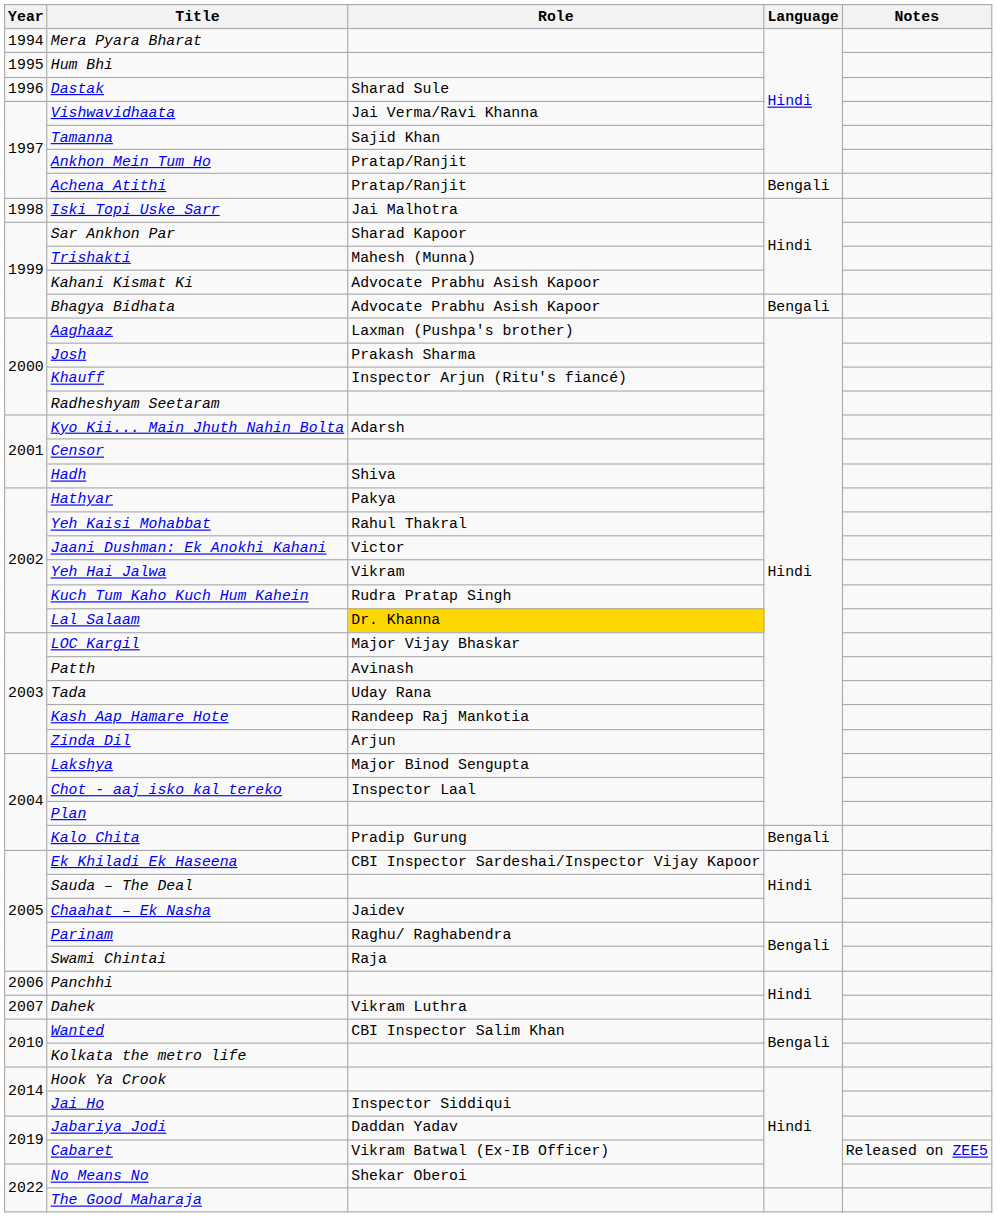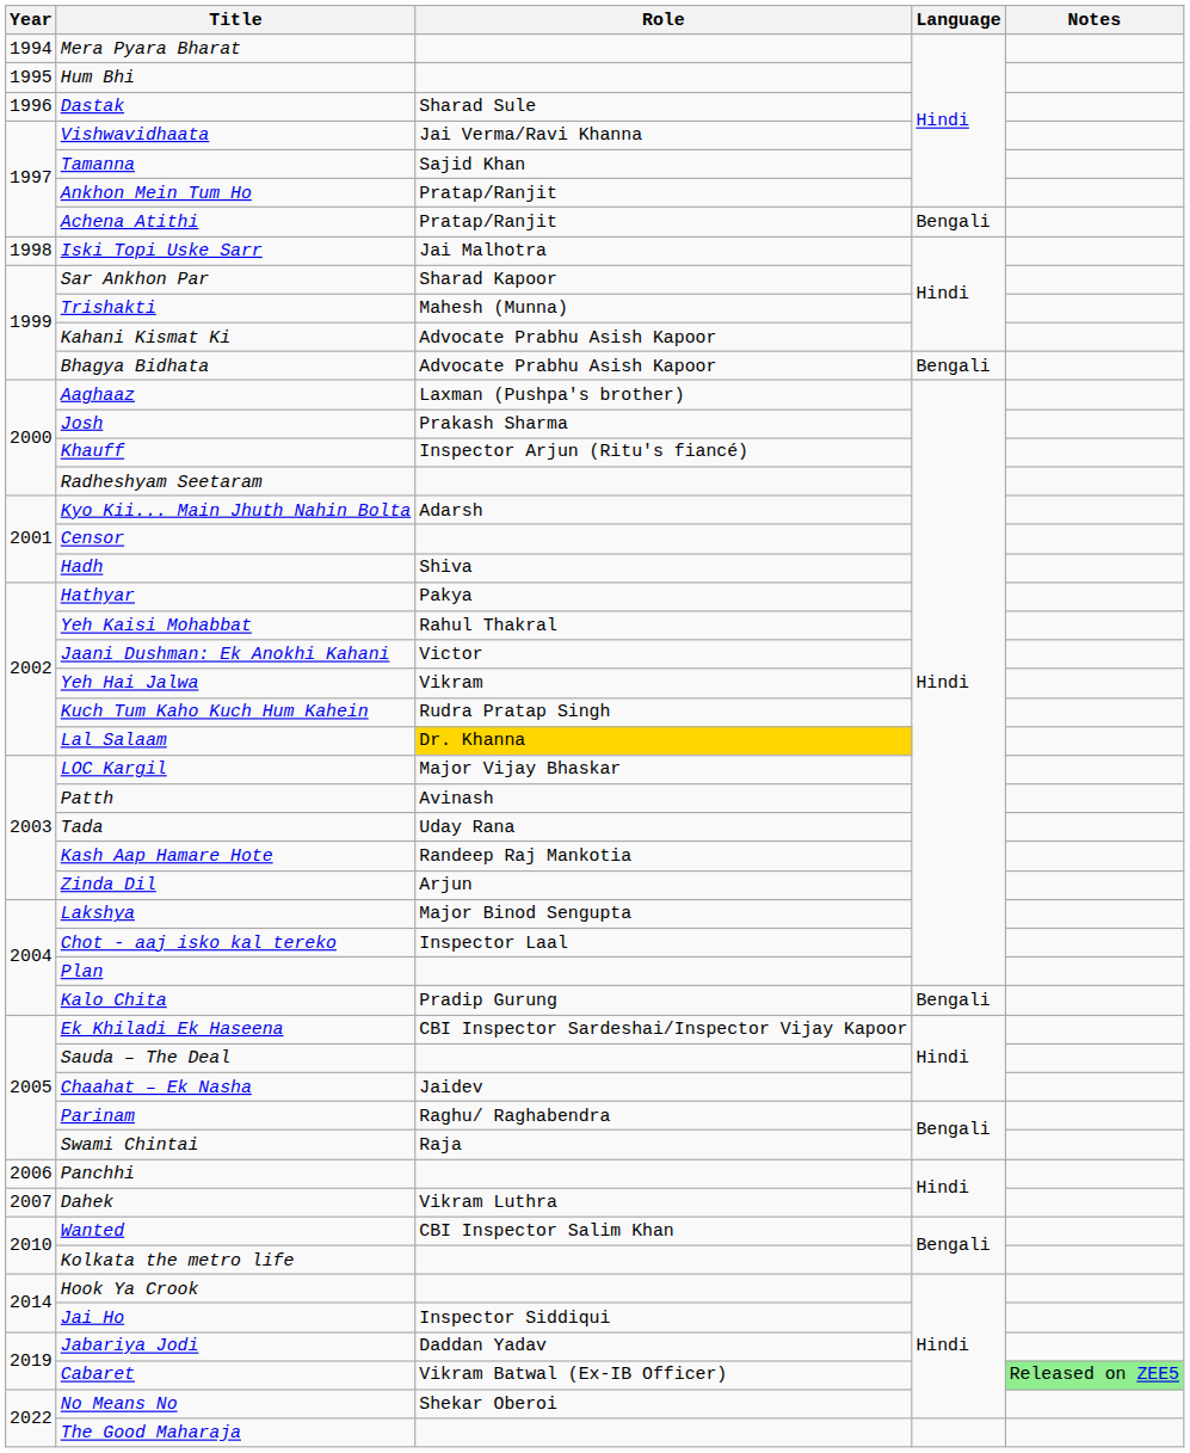 <table class="wikitable sortable">
 <tr>
 <th>Year</th>
 <th>Title</th>
 <th>Role</th>
 <th>Language</th>
 <th>Notes</th>
 </tr>
 <tr>
 <td>1994</td>
 <td><em>Mera Pyara Bharat</em></td>
 <td></td>
 <td rowspan="6"><a href='#'>Hindi</a></td>
 <td></td>
 </tr>
 <tr>
 <td>1995</td>
 <td><em>Hum Bhi</em></td>
 <td></td>
 <td></td>
 </tr>
 <tr>
 <td>1996</td>
 <td><em><a href='#'>Dastak</a></em></td>
 <td>Sharad Sule</td>
 <td></td>
 </tr>
 <tr>
 <td rowspan="4">1997</td>
 <td><em><a href='#'>Vishwavidhaata</a></em></td>
 <td>Jai Verma/Ravi Khanna</td>
 <td></td>
 </tr>
 <tr>
 <td><em><a href='#'>Tamanna</a></em></td>
 <td>Sajid Khan</td>
 <td></td>
 </tr>
 <tr>
 <td><em><a href='#'>Ankhon Mein Tum Ho</a></em></td>
 <td>Pratap/Ranjit</td>
 <td></td>
 </tr>
 <tr>
 <td><em><a href='#'>Achena Atithi</a></em></td>
 <td>Pratap/Ranjit</td>
 <td>Bengali</td>
 <td></td>
 </tr>
 <tr>
 <td>1998</td>
 <td><em><a href='#'>Iski Topi Uske Sarr</a></em></td>
 <td>Jai Malhotra</td>
 <td rowspan="4">Hindi</td>
 <td></td>
 </tr>
 <tr>
 <td rowspan="4">1999</td>
 <td><em>Sar Ankhon Par</em></td>
 <td>Sharad Kapoor</td>
 <td></td>
 </tr>
 <tr>
 <td><em><a href='#'>Trishakti</a></em></td>
 <td>Mahesh (Munna)</td>
 <td></td>
 </tr>
 <tr>
 <td><em>Kahani Kismat Ki</em></td>
 <td>Advocate Prabhu Asish Kapoor</td>
 <td></td>
 </tr>
 <tr>
 <td><em>Bhagya Bidhata</em></td>
 <td>Advocate Prabhu Asish Kapoor</td>
 <td>Bengali</td>
 <td></td>
 </tr>
 <tr>
 <td rowspan="4">2000</td>
 <td><em><a href='#'>Aaghaaz</a></em></td>
 <td>Laxman (Pushpa's brother)</td>
 <td rowspan="21">Hindi</td>
 <td></td>
 </tr>
 <tr>
 <td><em><a href='#'>Josh</a></em></td>
 <td>Prakash Sharma</td>
 <td></td>
 </tr>
 <tr>
 <td><em><a href='#'>Khauff</a></em></td>
 <td>Inspector Arjun (Ritu's fiancé)</td>
 <td></td>
 </tr>
 <tr>
 <td><em>Radheshyam Seetaram</em></td>
 <td></td>
 <td></td>
 </tr>
 <tr>
 <td rowspan="3">2001</td>
 <td><em><a href='#'>Kyo Kii... Main Jhuth Nahin Bolta</a></em></td>
 <td>Adarsh</td>
 <td></td>
 </tr>
 <tr>
 <td><em><a href='#'>Censor</a></em></td>
 <td></td>
 <td></td>
 </tr>
 <tr>
 <td><em><a href='#'>Hadh</a></em></td>
 <td>Shiva</td>
 <td></td>
 </tr>
 <tr>
 <td rowspan="6">2002</td>
 <td><em><a href='#'>Hathyar</a></em></td>
 <td>Pakya</td>
 <td></td>
 </tr>
 <tr>
 <td><em><a href='#'>Yeh Kaisi Mohabbat</a> </em></td>
 <td>Rahul Thakral</td>
 <td></td>
 </tr>
 <tr>
 <td><em><a href='#'>Jaani Dushman: Ek Anokhi Kahani</a></em></td>
 <td>Victor</td>
 <td></td>
 </tr>
 <tr>
 <td><em><a href='#'>Yeh Hai Jalwa</a></em></td>
 <td>Vikram</td>
 <td></td>
 </tr>
 <tr>
 <td><em><a href='#'>Kuch Tum Kaho Kuch Hum Kahein</a></em></td>
 <td>Rudra Pratap Singh</td>
 <td></td>
 </tr>
 <tr>
 <td><em><a href='#'>Lal Salaam</a></em></td>
 <td style="background: gold;">Dr. Khanna</td>
 <td></td>
 </tr>
 <tr>
 <td rowspan="5">2003</td>
 <td><em><a href='#'>LOC Kargil</a></em></td>
 <td>Major Vijay Bhaskar</td>
 <td></td>
 </tr>
 <tr>
 <td><em>Patth</em></td>
 <td>Avinash</td>
 <td></td>
 </tr>
 <tr>
 <td><em>Tada</em></td>
 <td>Uday Rana</td>
 <td></td>
 </tr>
 <tr>
 <td><em><a href='#'>Kash Aap Hamare Hote</a></em></td>
 <td>Randeep Raj Mankotia</td>
 <td></td>
 </tr>
 <tr>
 <td><em><a href='#'>Zinda Dil</a></em></td>
 <td>Arjun</td>
 <td></td>
 </tr>
 <tr>
 <td rowspan="4">2004</td>
 <td><em><a href='#'>Lakshya</a></em></td>
 <td>Major Binod Sengupta</td>
 <td></td>
 </tr>
 <tr>
 <td><em><a href='#'>Chot - aaj isko kal tereko</a></em></td>
 <td>Inspector Laal</td>
 <td></td>
 </tr>
 <tr>
 <td><em><a href='#'>Plan</a></em></td>
 <td></td>
 <td></td>
 </tr>
 <tr>
 <td><em><a href='#'>Kalo Chita</a></em></td>
 <td>Pradip Gurung</td>
 <td>Bengali</td>
 <td></td>
 </tr>
 <tr>
 <td rowspan="5">2005</td>
 <td><em><a href='#'>Ek Khiladi Ek Haseena</a></em></td>
 <td>CBI Inspector  Sardeshai/Inspector Vijay Kapoor</td>
 <td rowspan="3">Hindi</td>
 <td></td>
 </tr>
 <tr>
 <td><em>Sauda – The Deal</em></td>
 <td></td>
 <td></td>
 </tr>
 <tr>
 <td><em><a href='#'>Chaahat – Ek Nasha</a></em></td>
 <td>Jaidev</td>
 <td></td>
 </tr>
 <tr>
 <td><em><a href='#'>Parinam</a></em></td>
 <td>Raghu/ Raghabendra</td>
 <td rowspan="2">Bengali</td>
 <td></td>
 </tr>
 <tr>
 <td><em>Swami Chintai</em></td>
 <td>Raja</td>
 <td></td>
 </tr>
 <tr>
 <td>2006</td>
 <td><em>Panchhi</em></td>
 <td></td>
 <td rowspan="2">Hindi</td>
 <td></td>
 </tr>
 <tr>
 <td>2007</td>
 <td><em>Dahek</em></td>
 <td>Vikram Luthra</td>
 <td></td>
 </tr>
 <tr>
 <td rowspan="2">2010</td>
 <td><em><a href='#'>Wanted</a></em></td>
 <td>CBI Inspector Salim Khan</td>
 <td rowspan="2">Bengali</td>
 <td></td>
 </tr>
 <tr>
 <td><em>Kolkata the metro life</em></td>
 <td></td>
 <td></td>
 </tr>
 <tr>
 <td rowspan="2">2014</td>
 <td><em>Hook Ya Crook</em></td>
 <td></td>
 <td rowspan="5">Hindi</td>
 <td></td>
 </tr>
 <tr>
 <td><em><a href='#'>Jai Ho</a></em></td>
 <td>Inspector Siddiqui</td>
 <td></td>
 </tr>
 <tr>
 <td rowspan="2">2019</td>
 <td><em><a href='#'>Jabariya Jodi</a></em></td>
 <td>Daddan Yadav</td>
 <td></td>
 </tr>
 <tr>
 <td><a href='#'><em>Cabaret</em></a></td>
 <td>Vikram Batwal (Ex-IB Officer)</td>
-<td>Released on <a href='#'>ZEE5</a></td>
+<td style="background: lightgreen;">Released on <a href='#'>ZEE5</a></td>
 </tr>
 <tr>
 <td rowspan="2">2022</td>
 <td><em><a href='#'>No Means No</a></em></td>
 <td>Shekar Oberoi</td>
 <td></td>
 </tr>
 <tr>
 <td><em><a href='#'>The Good Maharaja</a></em></td>
 <td></td>
 <td></td>
 <td></td>
 </tr>
 </table>
